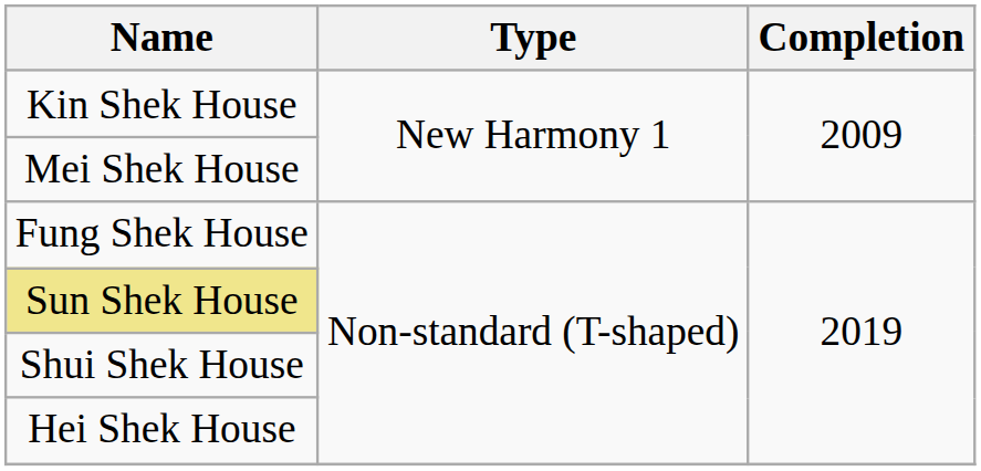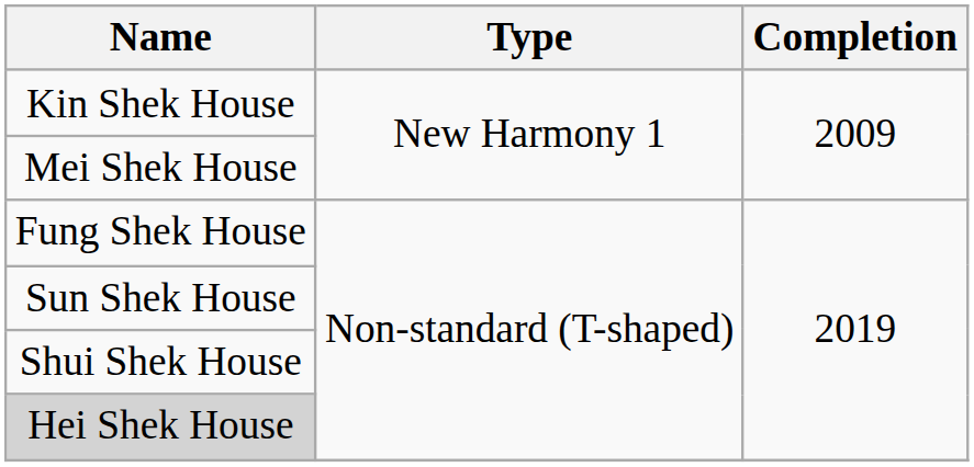 <table class="wikitable" style="text-align: center">
 <tr>
 <th>Name</th>
 <th>Type</th>
 <th>Completion</th>
 </tr>
 <tr>
 <td>Kin Shek House</td>
 <td rowspan="2">New Harmony 1</td>
 <td rowspan="2">2009</td>
 </tr>
 <tr>
 <td>Mei Shek House</td>
 </tr>
 <tr>
 <td>Fung Shek House</td>
 <td rowspan="4">Non-standard (T-shaped)</td>
 <td rowspan="4">2019</td>
 </tr>
 <tr>
-<td style="background: khaki;">Sun Shek House</td>
+<td>Sun Shek House</td>
 </tr>
 <tr>
 <td>Shui Shek House</td>
 </tr>
 <tr>
-<td>Hei Shek House</td>
+<td style="background: lightgrey;">Hei Shek House</td>
 </tr>
 <tr>
 </tr>
 </table>
